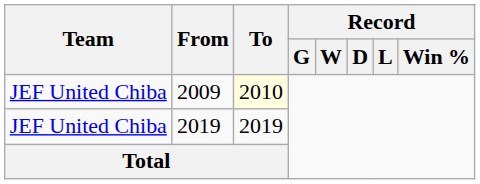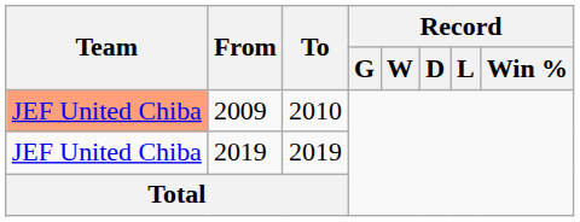 <table class="wikitable" style="text-align: center">
 <tr>
 <th rowspan="2">Team</th>
 <th rowspan="2">From</th>
 <th rowspan="2">To</th>
 <th colspan="5">Record</th>
 </tr>
 <tr>
 <th>G</th>
 <th>W</th>
 <th>D</th>
 <th>L</th>
 <th>Win %</th>
 </tr>
 <tr>
-<td align="left"><a href='#'>JEF United Chiba</a></td>
+<td align="left" style="background: lightsalmon;"><a href='#'>JEF United Chiba</a></td>
 <td align="left">2009</td>
-<td align="left" style="background: lightyellow;">2010<br></td>
+<td align="left">2010<br></td>
 </tr>
 <tr>
 <td align="left"><a href='#'>JEF United Chiba</a></td>
 <td align="left">2019</td>
 <td align="left">2019<br></td>
 </tr>
 <tr>
 <th colspan="3">Total<br></th>
 </tr>
 </table>
